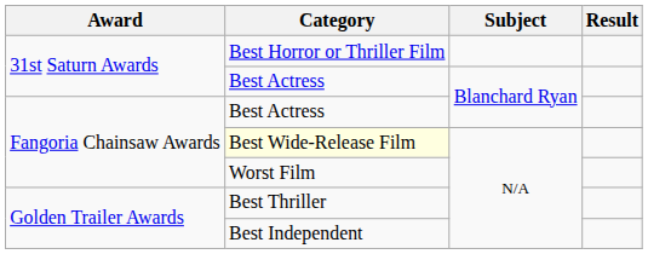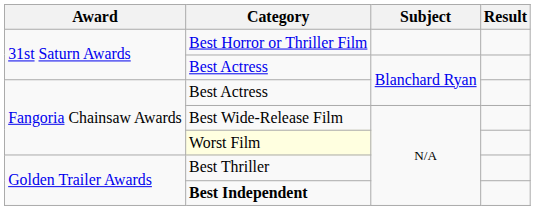 <table class="wikitable sortable">
 <tr>
 <th>Award</th>
 <th>Category</th>
 <th>Subject</th>
 <th>Result</th>
 </tr>
 <tr>
 <td rowspan=2><a href='#'>31st</a> <a href='#'>Saturn Awards</a></td>
 <td><a href='#'>Best Horror or Thriller Film</a></td>
 <td></td>
 <td></td>
 </tr>
 <tr>
 <td><a href='#'>Best Actress</a></td>
 <td rowspan=2><a href='#'>Blanchard Ryan</a></td>
 <td></td>
 </tr>
 <tr>
 <td rowspan=3><a href='#'>Fangoria</a> Chainsaw Awards</td>
 <td>Best Actress</td>
 <td></td>
 </tr>
 <tr>
-<td style="background: lightyellow;">Best Wide-Release Film</td>
+<td>Best Wide-Release Film</td>
 <td rowspan=4 align=center><small>N/A</small></td>
 <td></td>
 </tr>
 <tr>
-<td>Worst Film</td>
+<td style="background: lightyellow;">Worst Film</td>
 <td></td>
 </tr>
 <tr>
 <td rowspan=2><a href='#'>Golden Trailer Awards</a></td>
 <td>Best Thriller</td>
 <td></td>
 </tr>
 <tr>
-<td>Best Independent</td>
+<td><strong>Best Independent</strong></td>
 <td></td>
 </tr>
 </table>
